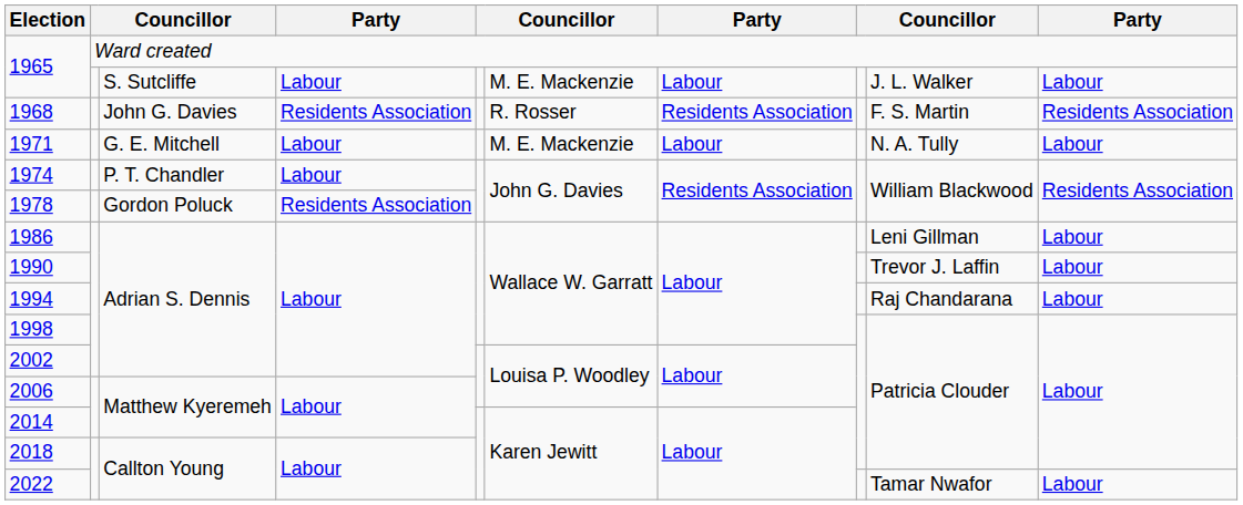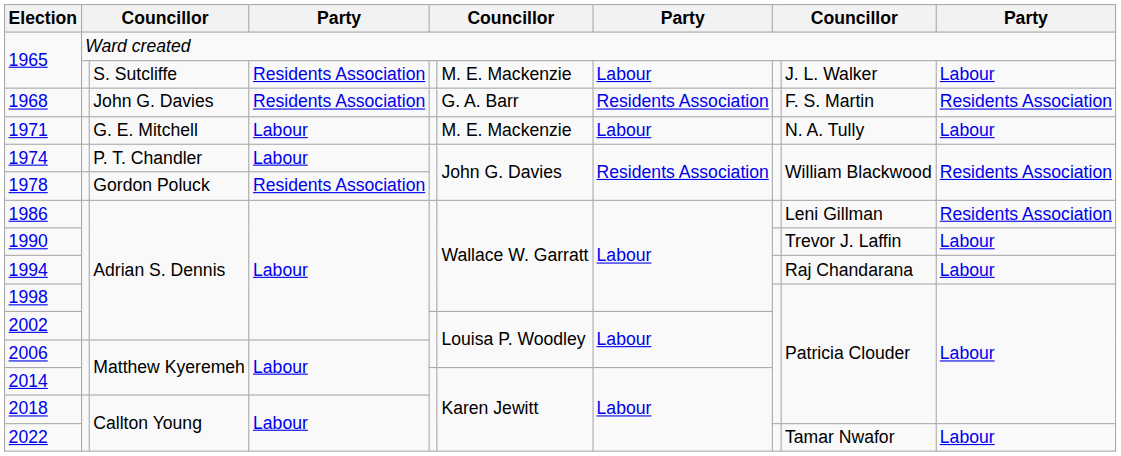 <table class="wikitable">
 <tr>
 <th>Election</th>
 <th colspan="2">Councillor</th>
 <th>Party</th>
 <th colspan="2">Councillor</th>
 <th>Party</th>
 <th colspan="2">Councillor</th>
 <th>Party</th>
 </tr>
 <tr>
 <td rowspan="2"><a href='#'>1965</a></td>
 <td colspan="12"><em>Ward created</em></td>
 </tr>
 <tr>
 <td style="background-color: "></td>
 <td>S. Sutcliffe</td>
-<td><a href='#'>Labour</a></td>
+<td><a href='#'>Residents Association</a></td>
 <td style="background-color: "></td>
 <td>M. E. Mackenzie</td>
 <td><a href='#'>Labour</a></td>
 <td style="background-color: "></td>
 <td>J. L. Walker</td>
 <td><a href='#'>Labour</a></td>
 </tr>
 <tr>
 <td><a href='#'>1968</a></td>
 <td style="background-color: "></td>
 <td>John G. Davies</td>
 <td><a href='#'>Residents Association</a></td>
 <td style="background-color: "></td>
-<td>R. Rosser</td>
+<td>G. A. Barr</td>
 <td><a href='#'>Residents Association</a></td>
 <td style="background-color: "></td>
 <td>F. S. Martin</td>
 <td><a href='#'>Residents Association</a></td>
 </tr>
 <tr>
 <td><a href='#'>1971</a></td>
 <td style="background-color: "></td>
 <td>G. E. Mitchell</td>
 <td><a href='#'>Labour</a></td>
 <td style="background-color: "></td>
 <td>M. E. Mackenzie</td>
 <td><a href='#'>Labour</a></td>
 <td style="background-color: "></td>
 <td>N. A. Tully</td>
 <td><a href='#'>Labour</a></td>
 </tr>
 <tr>
 <td><a href='#'>1974</a></td>
 <td style="background-color: "></td>
 <td>P. T. Chandler</td>
 <td><a href='#'>Labour</a></td>
 <td rowspan="2" style="background-color: "></td>
 <td rowspan="2">John G. Davies</td>
 <td rowspan="2"><a href='#'>Residents Association</a></td>
 <td rowspan="2" style="background-color: "></td>
 <td rowspan="2">William Blackwood</td>
 <td rowspan="2"><a href='#'>Residents Association</a></td>
 </tr>
 <tr>
 <td><a href='#'>1978</a></td>
 <td style="background-color: "></td>
 <td>Gordon Poluck</td>
 <td><a href='#'>Residents Association</a></td>
 </tr>
 <tr>
 <td><a href='#'>1986</a></td>
 <td rowspan="5" style="background-color: "></td>
 <td rowspan="5">Adrian S. Dennis</td>
 <td rowspan="5"><a href='#'>Labour</a></td>
 <td rowspan="4" style="background-color: "></td>
 <td rowspan="4">Wallace W. Garratt</td>
 <td rowspan="4"><a href='#'>Labour</a></td>
 <td style="background-color: "></td>
 <td>Leni Gillman</td>
-<td><a href='#'>Labour</a></td>
+<td><a href='#'>Residents Association</a></td>
 </tr>
 <tr>
 <td><a href='#'>1990</a></td>
 <td style="background-color: "></td>
 <td>Trevor J. Laffin</td>
 <td><a href='#'>Labour</a></td>
 </tr>
 <tr>
 <td><a href='#'>1994</a></td>
 <td style="background-color: "></td>
 <td>Raj Chandarana</td>
 <td><a href='#'>Labour</a></td>
 </tr>
 <tr>
 <td><a href='#'>1998</a></td>
 <td rowspan="5" style="background-color: "></td>
 <td rowspan="5">Patricia Clouder</td>
 <td rowspan="5"><a href='#'>Labour</a></td>
 </tr>
 <tr>
 <td><a href='#'>2002</a></td>
 <td rowspan="2" style="background-color: "></td>
 <td rowspan="2">Louisa P. Woodley</td>
 <td rowspan="2"><a href='#'>Labour</a></td>
 </tr>
 <tr>
 <td><a href='#'>2006</a></td>
 <td rowspan="2" style="background-color: "></td>
 <td rowspan="2">Matthew Kyeremeh</td>
 <td rowspan="2"><a href='#'>Labour</a></td>
 </tr>
 <tr>
 <td><a href='#'>2014</a></td>
 <td rowspan="3" style="background-color: "></td>
 <td rowspan="3">Karen Jewitt</td>
 <td rowspan="3"><a href='#'>Labour</a></td>
 </tr>
 <tr>
 <td><a href='#'>2018</a></td>
 <td rowspan="2" style="background-color: "></td>
 <td rowspan="2">Callton Young</td>
 <td rowspan="2"><a href='#'>Labour</a></td>
 </tr>
 <tr>
 <td><a href='#'>2022</a></td>
 <td style="background-color: "></td>
 <td>Tamar Nwafor</td>
 <td><a href='#'>Labour</a></td>
 </tr>
 </table>
